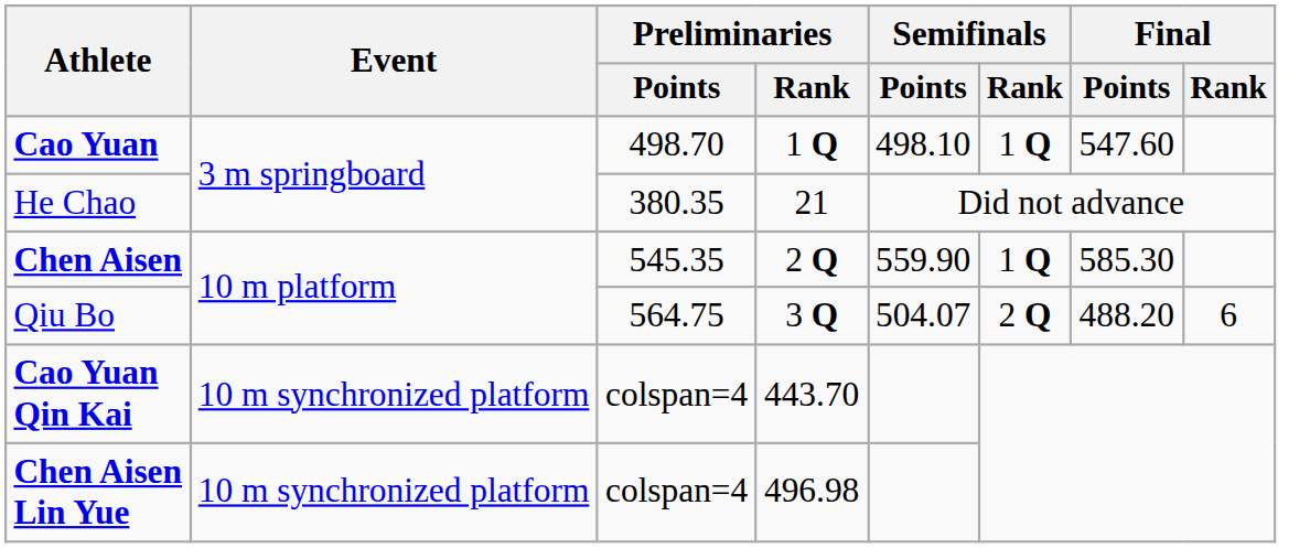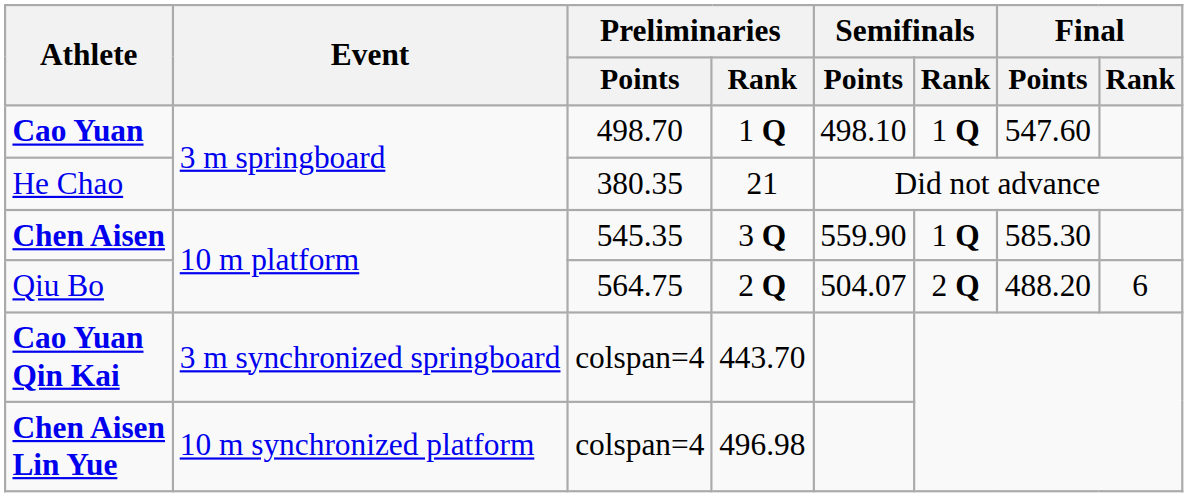 <table class=wikitable style="font-size:90%">
 <tr>
 <th rowspan="2">Athlete</th>
 <th rowspan="2">Event</th>
 <th colspan="2">Preliminaries</th>
 <th colspan="2">Semifinals</th>
 <th colspan="2">Final</th>
 </tr>
 <tr style="font-size:95%">
 <th>Points</th>
 <th>Rank</th>
 <th>Points</th>
 <th>Rank</th>
 <th>Points</th>
 <th>Rank</th>
 </tr>
 <tr align=center>
 <td align=left><strong><a href='#'>Cao Yuan</a></strong></td>
 <td align=left rowspan=2><a href='#'>3 m springboard</a></td>
 <td>498.70</td>
 <td>1 <strong>Q</strong></td>
 <td>498.10</td>
 <td>1 <strong>Q</strong></td>
 <td>547.60</td>
 <td></td>
 </tr>
 <tr align=center>
 <td align=left><a href='#'>He Chao</a></td>
 <td>380.35</td>
 <td>21</td>
 <td colspan=4>Did not advance</td>
 </tr>
 <tr align=center>
 <td align=left><strong><a href='#'>Chen Aisen</a></strong></td>
 <td align=left rowspan=2><a href='#'>10 m platform</a></td>
 <td>545.35</td>
-<td>2 <strong>Q</strong></td>
+<td>3 <strong>Q</strong></td>
 <td>559.90</td>
 <td>1 <strong>Q</strong></td>
 <td>585.30</td>
 <td></td>
 </tr>
 <tr align=center>
 <td align=left><a href='#'>Qiu Bo</a></td>
 <td>564.75</td>
-<td>3 <strong>Q</strong></td>
+<td>2 <strong>Q</strong></td>
 <td>504.07</td>
 <td>2 <strong>Q</strong></td>
 <td>488.20</td>
 <td>6</td>
 </tr>
 <tr align=center>
 <td align=left><strong><a href='#'>Cao Yuan</a><br><a href='#'>Qin Kai</a></strong></td>
-<td align=left><a href='#'>10 m synchronized platform</a></td>
+<td align=left><a href='#'>3 m synchronized springboard</a></td>
 <td>colspan=4 </td>
 <td>443.70</td>
 <td></td>
 </tr>
 <tr align=center>
 <td align=left><strong><a href='#'>Chen Aisen</a><br><a href='#'>Lin Yue</a></strong></td>
 <td align=left><a href='#'>10 m synchronized platform</a></td>
 <td>colspan=4 </td>
 <td>496.98</td>
 <td></td>
 </tr>
 </table>
